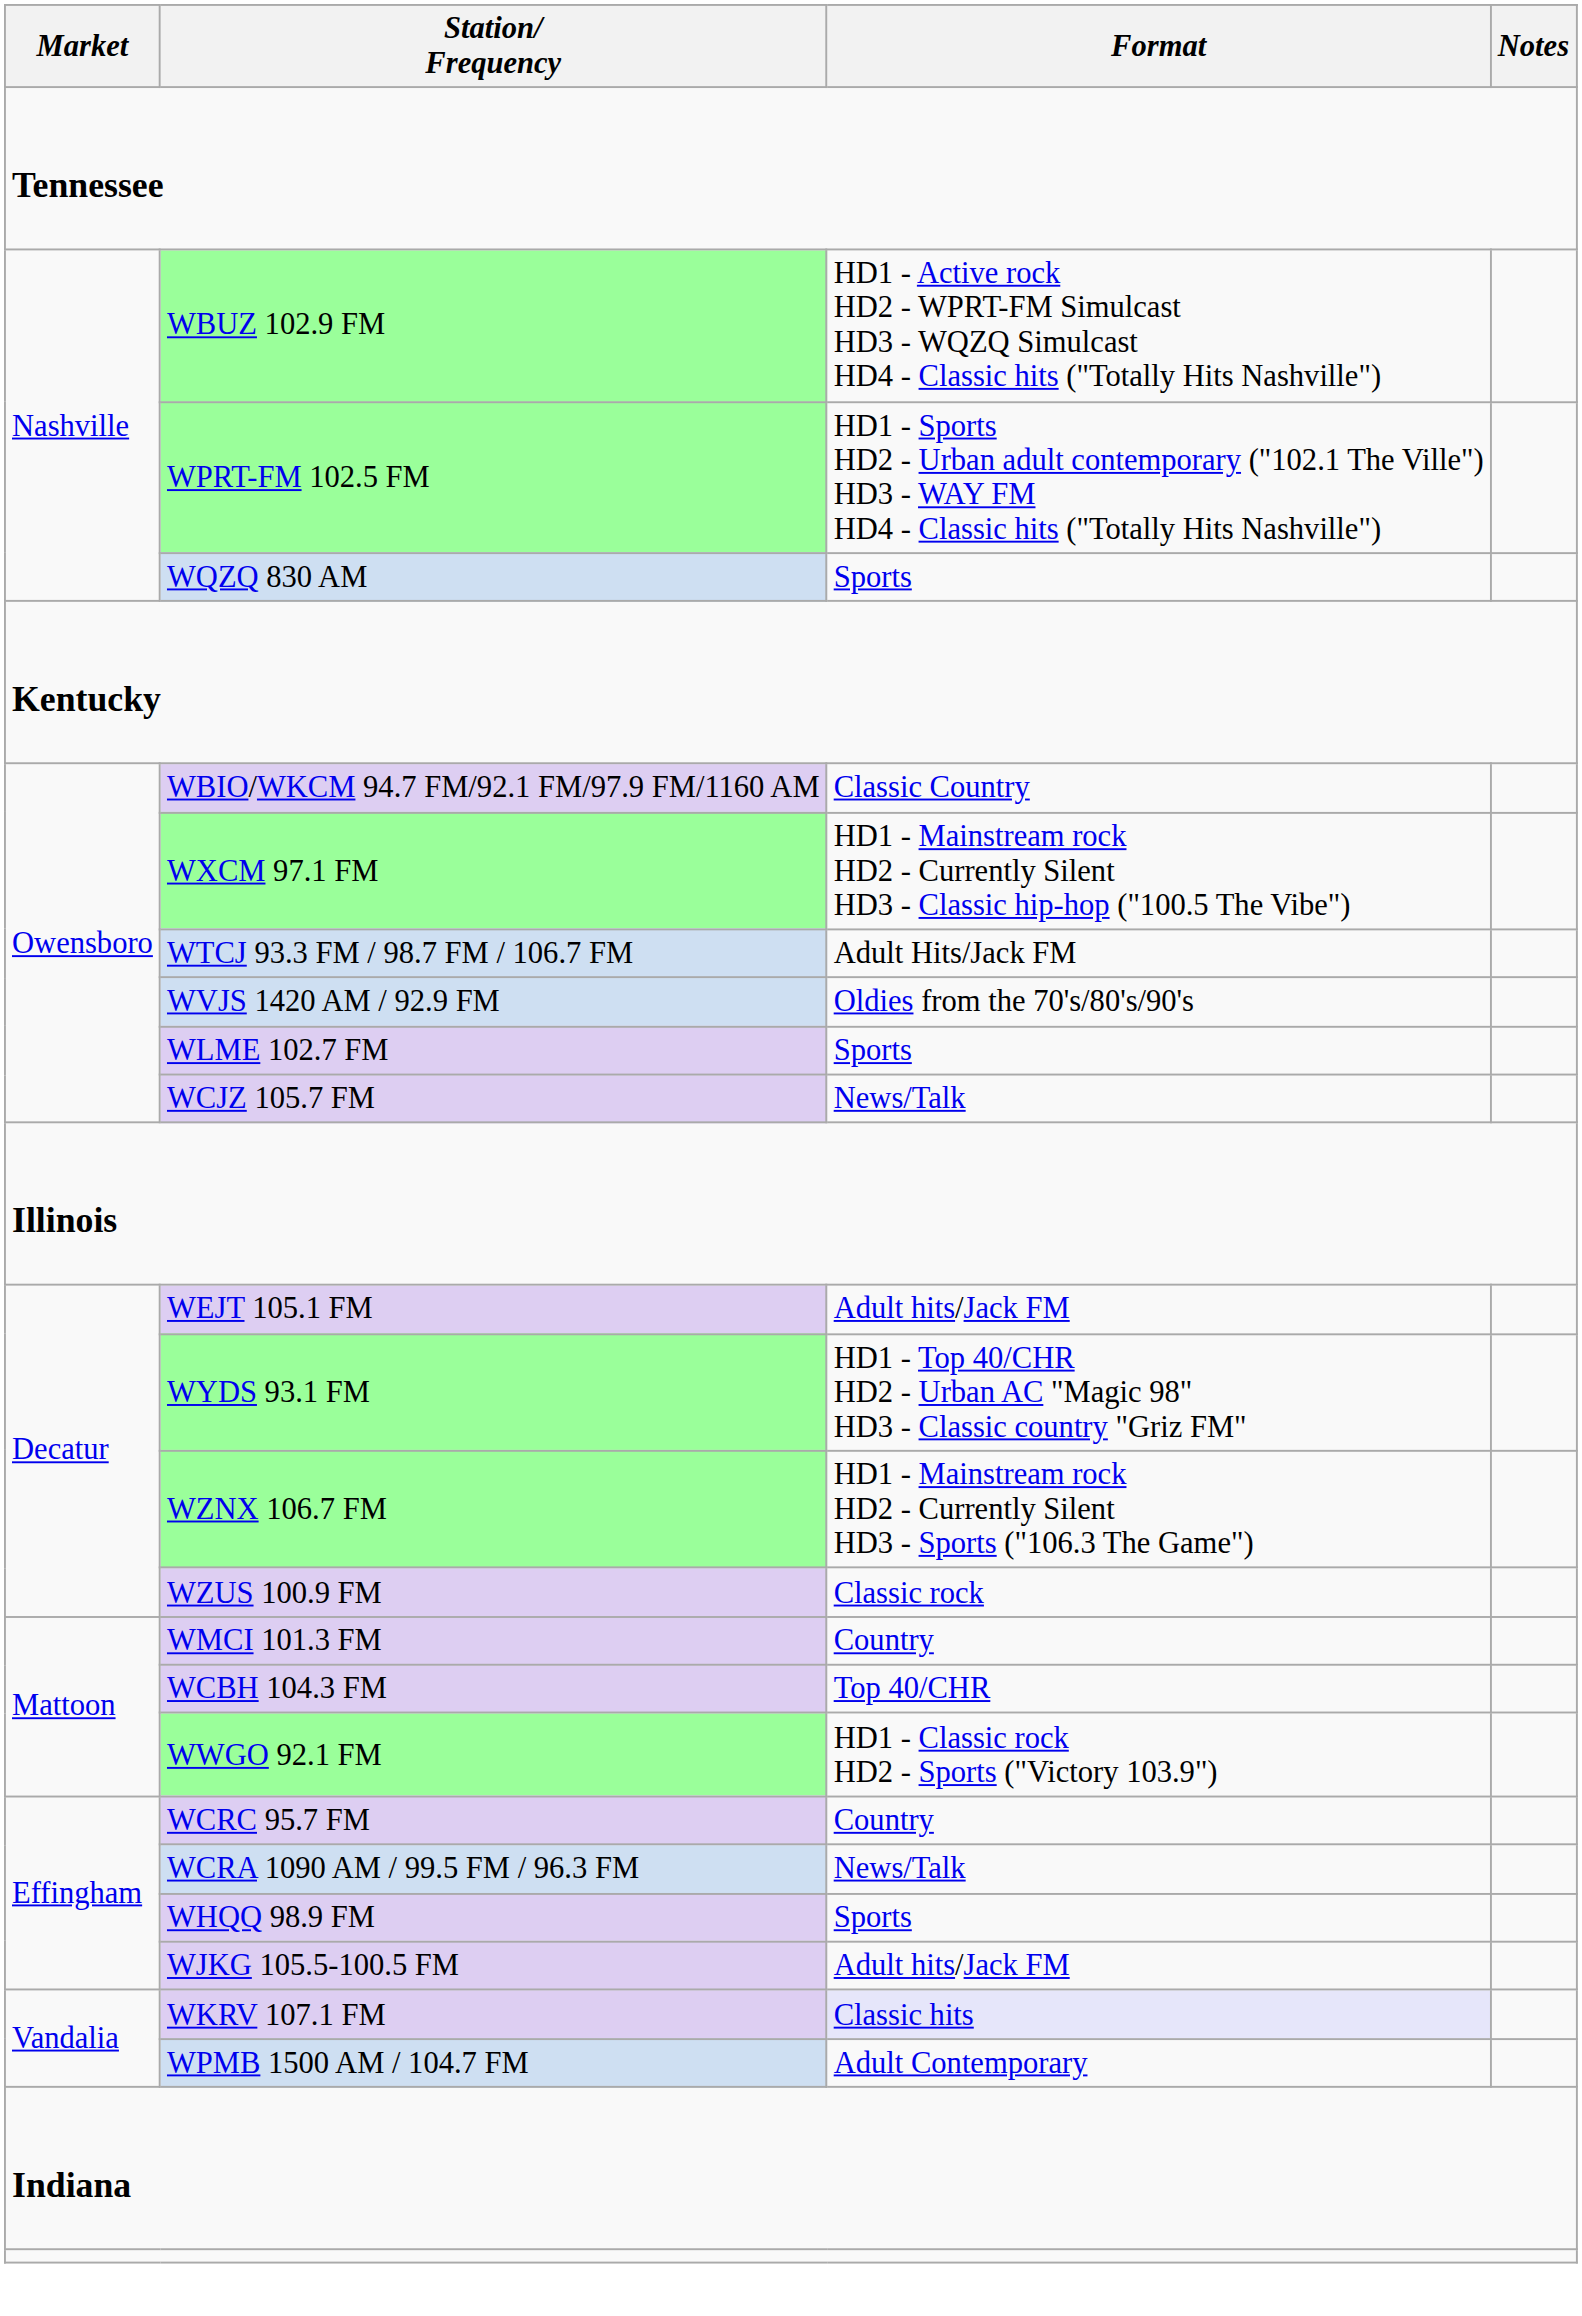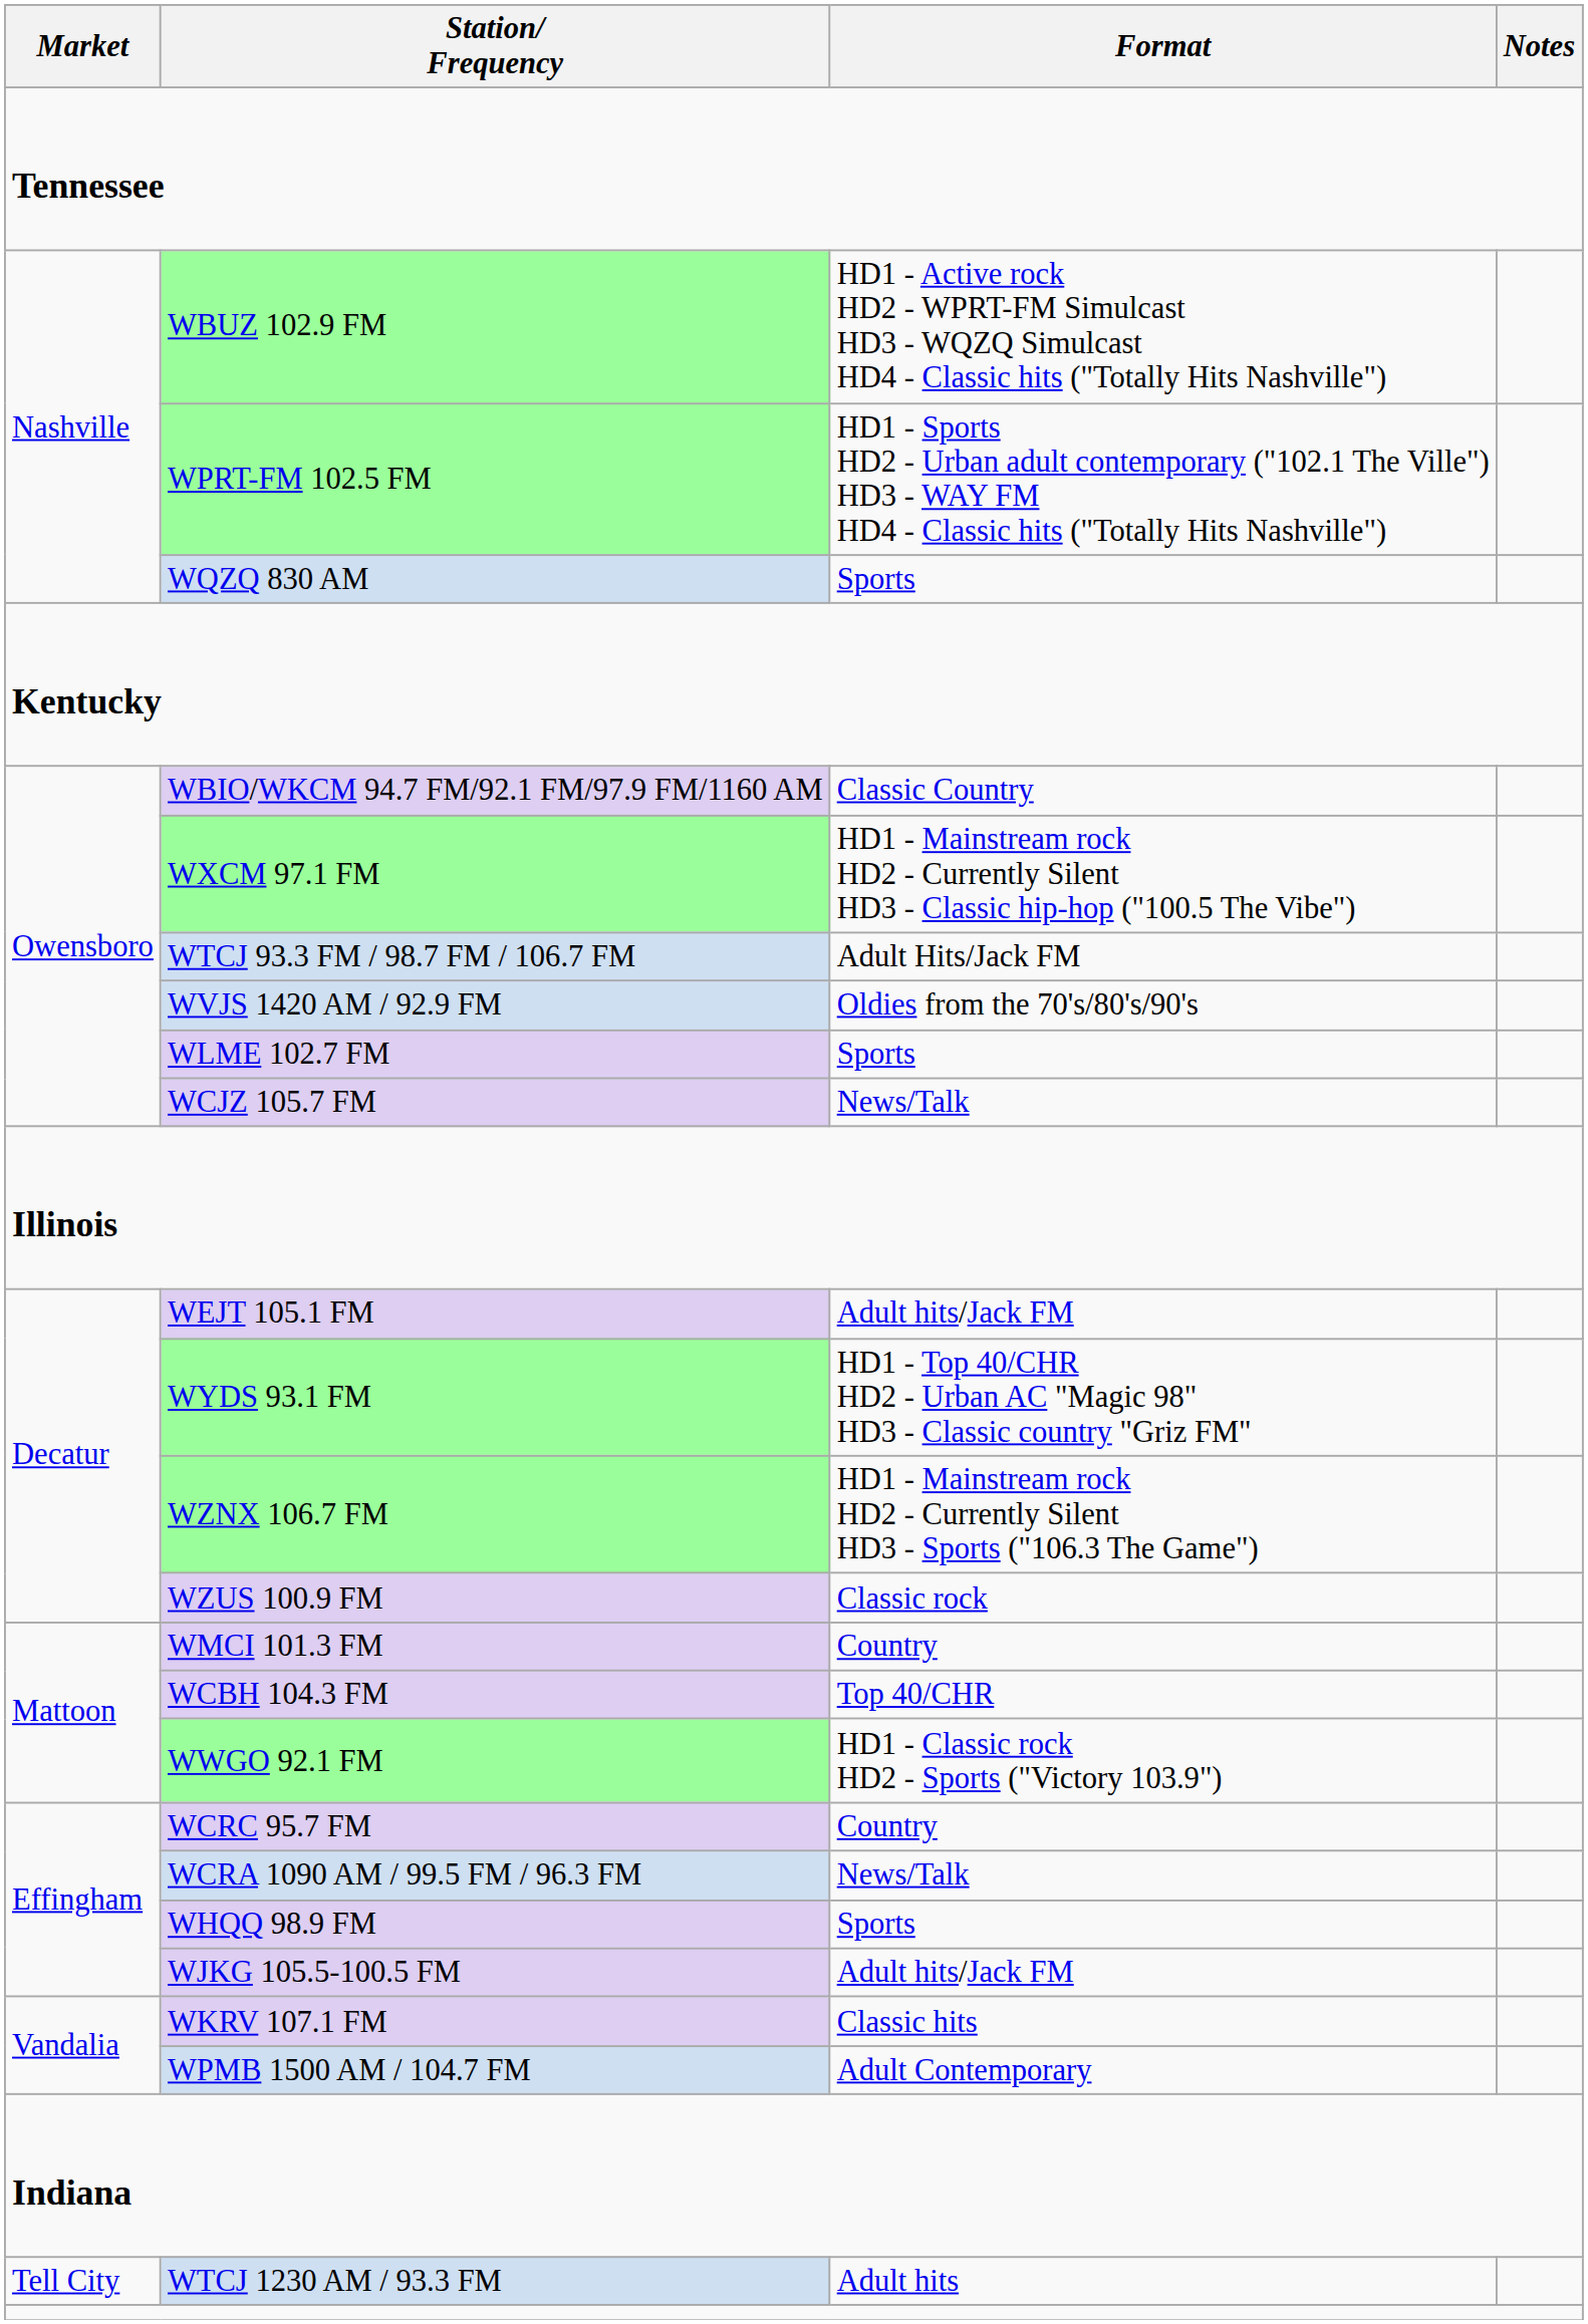 <table class="wikitable">
 <tr>
 <th><em>Market</em></th>
 <th><em>Station/<br>Frequency</em></th>
 <th><em>Format</em></th>
 <th><em>Notes</em></th>
 </tr>
 <tr>
 <td colspan="4"><br><h3>Tennessee</h3></td>
 </tr>
 <tr>
 <td rowspan="3"><a href='#'>Nashville</a></td>
 <td bgcolor="9AFF9A"><a href='#'>WBUZ</a> 102.9 FM</td>
 <td>HD1 - <a href='#'>Active rock</a> <br> HD2 - WPRT-FM Simulcast <br> HD3 - WQZQ Simulcast <br> HD4 - <a href='#'>Classic hits</a> ("Totally Hits Nashville")</td>
 <td></td>
 </tr>
 <tr>
 <td bgcolor="9AFF9A"><a href='#'>WPRT-FM</a> 102.5 FM</td>
 <td>HD1 - <a href='#'>Sports</a> <br> HD2 - <a href='#'>Urban adult contemporary</a> ("102.1 The Ville") <br> HD3 - <a href='#'>WAY FM</a> <br> HD4 - <a href='#'>Classic hits</a> ("Totally Hits Nashville")</td>
 <td></td>
 </tr>
 <tr>
 <td bgcolor="cedff2"><a href='#'>WQZQ</a> 830 AM</td>
 <td><a href='#'>Sports</a></td>
 <td></td>
 </tr>
 <tr>
 <td colspan="4"><br><h3>Kentucky</h3></td>
 </tr>
 <tr>
 <td rowspan="6"><a href='#'>Owensboro</a></td>
 <td bgcolor="#ddcef2"><a href='#'>WBIO</a>/<a href='#'>WKCM</a> 94.7 FM/92.1 FM/97.9 FM/1160 AM</td>
 <td><a href='#'>Classic Country</a></td>
 <td></td>
 </tr>
 <tr>
 <td bgcolor="#9AFF9A"><a href='#'>WXCM</a> 97.1 FM</td>
 <td>HD1 - <a href='#'>Mainstream rock</a> <br> HD2 - Currently Silent <br> HD3 - <a href='#'>Classic hip-hop</a> ("100.5 The Vibe")</td>
 <td></td>
 </tr>
 <tr>
 <td bgcolor="#cedff2"><a href='#'>WTCJ</a> 93.3 FM / 98.7 FM / 106.7 FM</td>
 <td>Adult Hits/Jack FM</td>
 <td></td>
 </tr>
 <tr>
 <td bgcolor="#cedff2"><a href='#'>WVJS</a> 1420 AM / 92.9 FM</td>
 <td><a href='#'>Oldies</a> from the 70's/80's/90's</td>
 <td></td>
 </tr>
 <tr>
 <td bgcolor="#ddcef2"><a href='#'>WLME</a> 102.7 FM</td>
 <td><a href='#'>Sports</a></td>
 <td></td>
 </tr>
 <tr>
 <td bgcolor="#ddcef2"><a href='#'>WCJZ</a> 105.7 FM</td>
 <td><a href='#'>News/Talk</a></td>
 <td></td>
 </tr>
 <tr>
 <td colspan="4"><br><h3>Illinois</h3></td>
 </tr>
 <tr>
 <td rowspan="4"><a href='#'>Decatur</a></td>
 <td bgcolor="#ddcef2"><a href='#'>WEJT</a> 105.1 FM</td>
 <td><a href='#'>Adult hits</a>/<a href='#'>Jack FM</a></td>
 <td></td>
 </tr>
 <tr>
 <td bgcolor="9AFF9A"><a href='#'>WYDS</a> 93.1 FM</td>
 <td>HD1 - <a href='#'>Top 40/CHR</a> <br> HD2 - <a href='#'>Urban AC</a> "Magic 98" <br> HD3 - <a href='#'>Classic country</a> "Griz FM"</td>
 <td></td>
 </tr>
 <tr>
 <td bgcolor="9AFF9A"><a href='#'>WZNX</a> 106.7 FM</td>
 <td>HD1 - <a href='#'>Mainstream rock</a> <br> HD2 - Currently Silent <br> HD3 - <a href='#'>Sports</a> ("106.3 The Game")</td>
 <td></td>
 </tr>
 <tr>
 <td bgcolor="#ddcef2"><a href='#'>WZUS</a> 100.9 FM</td>
 <td><a href='#'>Classic rock</a></td>
 <td></td>
 </tr>
 <tr>
 <td rowspan="3"><a href='#'>Mattoon</a></td>
 <td bgcolor="#ddcef2"><a href='#'>WMCI</a> 101.3 FM</td>
 <td><a href='#'>Country</a></td>
 <td></td>
 </tr>
 <tr>
 <td bgcolor="#ddcef2"><a href='#'>WCBH</a> 104.3 FM</td>
 <td><a href='#'>Top 40/CHR</a></td>
 <td></td>
 </tr>
 <tr>
 <td bgcolor="9AFF9A"><a href='#'>WWGO</a> 92.1 FM</td>
 <td>HD1 - <a href='#'>Classic rock</a> <br> HD2 - <a href='#'>Sports</a> ("Victory 103.9")</td>
 <td></td>
 </tr>
 <tr>
 <td rowspan="4"><a href='#'>Effingham</a></td>
 <td bgcolor="#ddcef2"><a href='#'>WCRC</a> 95.7 FM</td>
 <td><a href='#'>Country</a></td>
 <td></td>
 </tr>
 <tr>
 <td bgcolor="#cedff2"><a href='#'>WCRA</a> 1090 AM / 99.5 FM / 96.3 FM</td>
 <td><a href='#'>News/Talk</a></td>
 <td></td>
 </tr>
 <tr>
 <td bgcolor="#ddcef2"><a href='#'>WHQQ</a> 98.9 FM</td>
 <td><a href='#'>Sports</a></td>
 <td></td>
 </tr>
 <tr>
 <td bgcolor="#ddcef2"><a href='#'>WJKG</a> 105.5-100.5 FM</td>
 <td><a href='#'>Adult hits</a>/<a href='#'>Jack FM</a></td>
 <td></td>
 </tr>
 <tr>
 <td rowspan="2"><a href='#'>Vandalia</a></td>
 <td bgcolor="#ddcef2"><a href='#'>WKRV</a> 107.1 FM</td>
-<td style="background: lavender;"><a href='#'>Classic hits</a></td>
+<td><a href='#'>Classic hits</a></td>
 <td></td>
 </tr>
 <tr>
 <td bgcolor="#cedff2"><a href='#'>WPMB</a> 1500 AM / 104.7 FM</td>
 <td><a href='#'>Adult Contemporary</a></td>
 <td></td>
 </tr>
 <tr>
 <td colspan="4"><br><h3>Indiana</h3></td>
 </tr>
 <tr>
+<td><a href='#'>Tell City</a></td>
+<td bgcolor="#cedff2"><a href='#'>WTCJ</a> 1230 AM / 93.3 FM</td>
+<td><a href='#'>Adult hits</a></td>
+<td></td>
+</tr>
+<tr>
 <td colspan="4"></td>
 </tr>
 </table>
